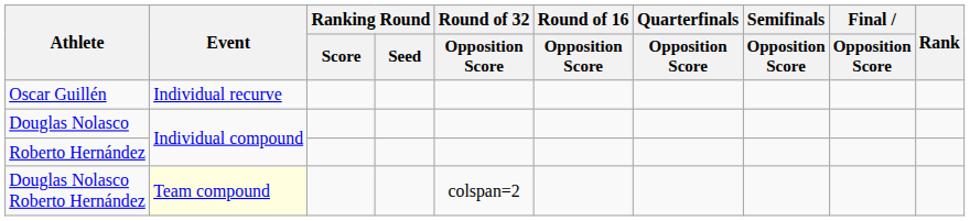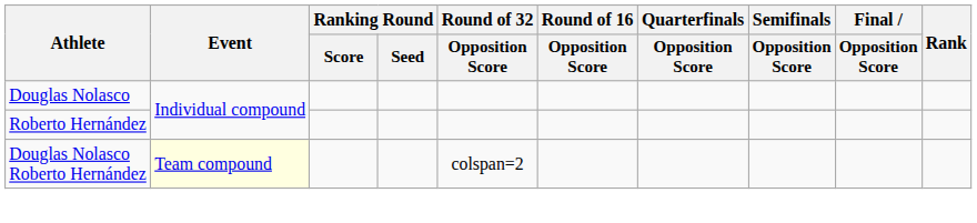 <table class="wikitable" style="font-size:90%">
 <tr>
 <th rowspan="2">Athlete</th>
 <th rowspan="2">Event</th>
 <th colspan="2">Ranking Round</th>
 <th>Round of 32</th>
 <th>Round of 16</th>
 <th>Quarterfinals</th>
 <th>Semifinals</th>
 <th>Final / </th>
 <th rowspan="2">Rank</th>
 </tr>
 <tr style="font-size:95%">
 <th>Score</th>
 <th>Seed</th>
 <th>Opposition<br>Score</th>
 <th>Opposition<br>Score</th>
 <th>Opposition<br>Score</th>
 <th>Opposition<br>Score</th>
 <th>Opposition<br>Score</th>
-</tr>
-<tr align=center>
-<td align=left><a href='#'>Oscar Guillén</a></td>
-<td align=left><a href='#'>Individual recurve</a></td>
-<td></td>
-<td></td>
-<td></td>
-<td></td>
-<td></td>
-<td></td>
-<td></td>
-<td></td>
 </tr>
 <tr align=center>
 <td align=left><a href='#'>Douglas Nolasco</a></td>
 <td align=left rowspan=2><a href='#'>Individual compound</a></td>
 <td></td>
 <td></td>
 <td></td>
 <td></td>
 <td></td>
 <td></td>
 <td></td>
 <td></td>
 </tr>
 <tr align=center>
 <td align=left><a href='#'>Roberto Hernández</a></td>
 <td></td>
 <td></td>
 <td></td>
 <td></td>
 <td></td>
 <td></td>
 <td></td>
 <td></td>
 </tr>
 <tr align=center>
 <td align=left><a href='#'>Douglas Nolasco</a><br><a href='#'>Roberto Hernández</a></td>
 <td align=left style="background: lightyellow;"><a href='#'>Team compound</a></td>
 <td></td>
 <td></td>
 <td>colspan=2 </td>
 <td></td>
 <td></td>
 <td></td>
 <td></td>
 </tr>
 </table>
